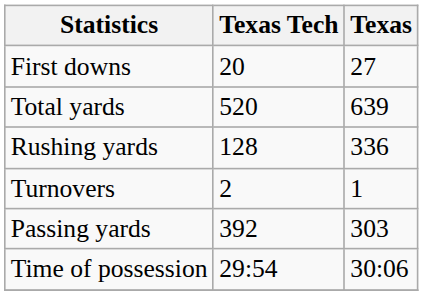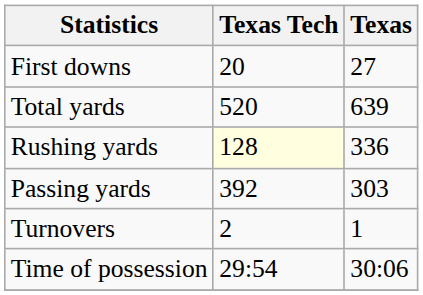 <table class="wikitable" style="float: left;">
 <tr>
 <th>Statistics</th>
 <th>Texas Tech</th>
 <th>Texas</th>
 </tr>
 <tr>
 <td>First downs</td>
 <td>20</td>
 <td>27</td>
 </tr>
 <tr>
 <td>Total yards</td>
 <td>520</td>
 <td>639</td>
 </tr>
 <tr>
 <td>Rushing yards</td>
-<td>128</td>
+<td style="background: lightyellow;">128</td>
 <td>336</td>
+</tr>
+<tr>
+<td>Passing yards</td>
+<td>392</td>
+<td>303</td>
 </tr>
 <tr>
 <td>Turnovers</td>
 <td>2</td>
 <td>1</td>
-</tr>
-<tr>
-<td>Passing yards</td>
-<td>392</td>
-<td>303</td>
 </tr>
 <tr>
 <td>Time of possession</td>
 <td>29:54</td>
 <td>30:06</td>
 </tr>
 <tr>
 </tr>
 </table>
